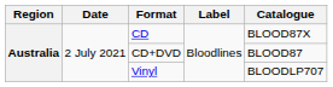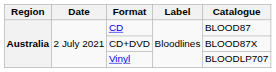 <table class="wikitable plainrowheaders">
 <tr>
 <th scope="col">Region</th>
 <th scope="col">Date</th>
 <th scope="col">Format</th>
 <th scope="col">Label</th>
 <th scope="col">Catalogue</th>
 </tr>
 <tr>
 <th scope="row" rowspan="3">Australia</th>
 <td rowspan="3">2 July 2021</td>
 <td><a href='#'>CD</a></td>
 <td rowspan="3">Bloodlines</td>
-<td>BLOOD87X</td>
+<td>BLOOD87</td>
 </tr>
 <tr>
 <td>CD+DVD</td>
-<td>BLOOD87</td>
+<td>BLOOD87X</td>
 </tr>
 <tr>
 <td><a href='#'>Vinyl</a></td>
 <td>BLOODLP707</td>
 </tr>
 </table>
